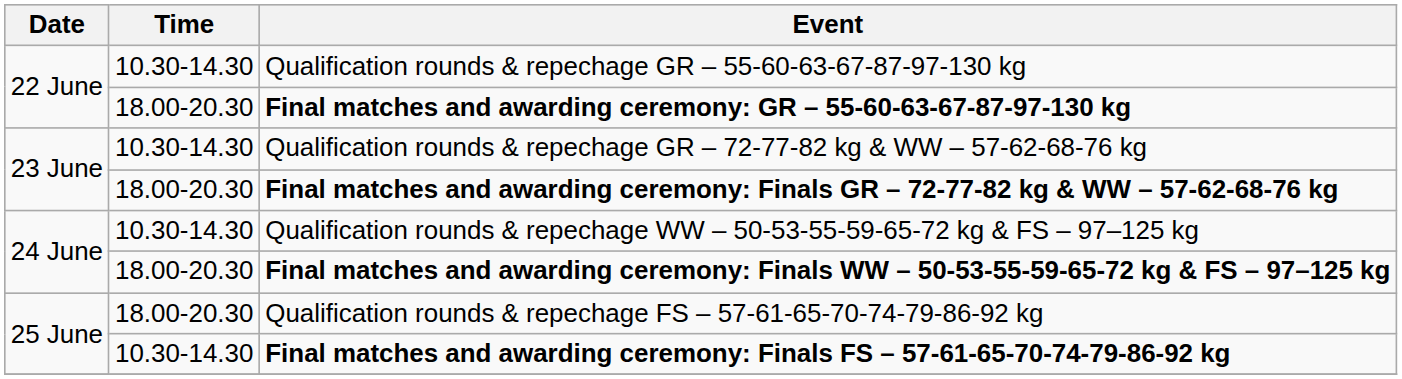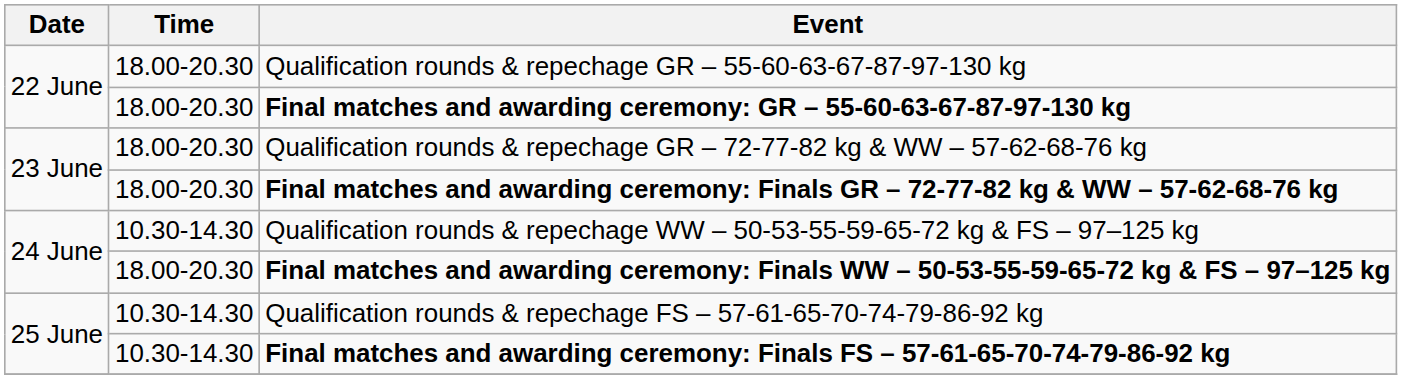 <table class=wikitable>
 <tr>
 <th>Date</th>
 <th>Time</th>
 <th>Event</th>
 </tr>
 <tr>
 <td rowspan="2">22 June</td>
-<td>10.30-14.30</td>
+<td>18.00-20.30</td>
 <td>Qualification rounds & repechage GR – 55-60-63-67-87-97-130 kg</td>
 </tr>
 <tr>
 <td>18.00-20.30</td>
 <td><strong>Final matches and awarding ceremony: GR – 55-60-63-67-87-97-130 kg</strong></td>
 </tr>
 <tr>
 <td rowspan="2">23 June</td>
-<td>10.30-14.30</td>
+<td>18.00-20.30</td>
 <td>Qualification rounds & repechage GR – 72-77-82 kg & WW – 57-62-68-76 kg</td>
 </tr>
 <tr>
 <td>18.00-20.30</td>
 <td><strong>Final matches and awarding ceremony: Finals GR – 72-77-82 kg & WW – 57-62-68-76 kg</strong></td>
 </tr>
 <tr>
 <td rowspan="2">24 June</td>
 <td>10.30-14.30</td>
 <td>Qualification rounds & repechage WW – 50-53-55-59-65-72 kg & FS – 97–125 kg</td>
 </tr>
 <tr>
 <td>18.00-20.30</td>
 <td><strong>Final matches and awarding ceremony: Finals WW – 50-53-55-59-65-72 kg & FS – 97–125 kg</strong></td>
 </tr>
 <tr>
 <td rowspan="2">25 June</td>
-<td>18.00-20.30</td>
+<td>10.30-14.30</td>
 <td>Qualification rounds & repechage FS – 57-61-65-70-74-79-86-92 kg</td>
 </tr>
 <tr>
 <td>10.30-14.30</td>
 <td><strong>Final matches and awarding ceremony: Finals FS – 57-61-65-70-74-79-86-92 kg</strong></td>
 </tr>
 <tr>
 </tr>
 </table>
